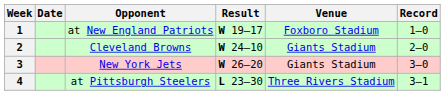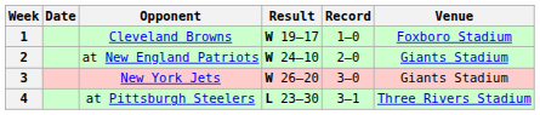 <table class="wikitable" style="text-align:center">
 <tr>
 <th>Week</th>
 <th>Date</th>
 <th>Opponent</th>
 <th>Result</th>
+<th>Record</th>
 <th>Venue</th>
-<th>Record</th>
 </tr>
 <tr style="background:#cfc">
 <th>1</th>
 <td></td>
-<td>at <a href='#'>New England Patriots</a></td>
+<td><a href='#'>Cleveland Browns</a></td>
 <td><strong>W</strong> 19–17</td>
+<td>1–0</td>
 <td><a href='#'>Foxboro Stadium</a></td>
-<td>1–0</td>
 </tr>
 <tr style="background:#cfc">
 <th>2</th>
 <td></td>
-<td><a href='#'>Cleveland Browns</a></td>
+<td>at <a href='#'>New England Patriots</a></td>
 <td><strong>W</strong> 24–10</td>
+<td>2–0</td>
 <td><a href='#'>Giants Stadium</a></td>
-<td>2–0</td>
 </tr>
 <tr style="background:#fcc">
 <th>3</th>
 <td></td>
 <td><a href='#'>New York Jets</a></td>
 <td><strong>W</strong> 26–20</td>
+<td>3–0</td>
 <td>Giants Stadium</td>
-<td>3–0</td>
 </tr>
 <tr style="background:#cfc">
 <th>4</th>
 <td></td>
 <td>at <a href='#'>Pittsburgh Steelers</a></td>
 <td><strong>L</strong> 23–30</td>
+<td>3–1</td>
 <td><a href='#'>Three Rivers Stadium</a></td>
-<td>3–1</td>
 </tr>
 </table>
